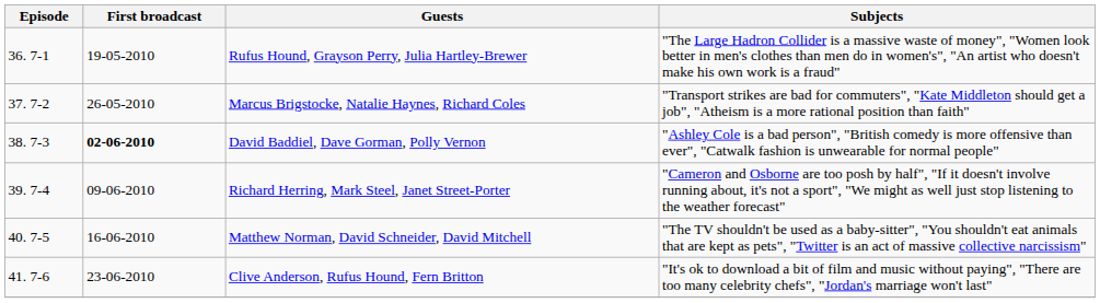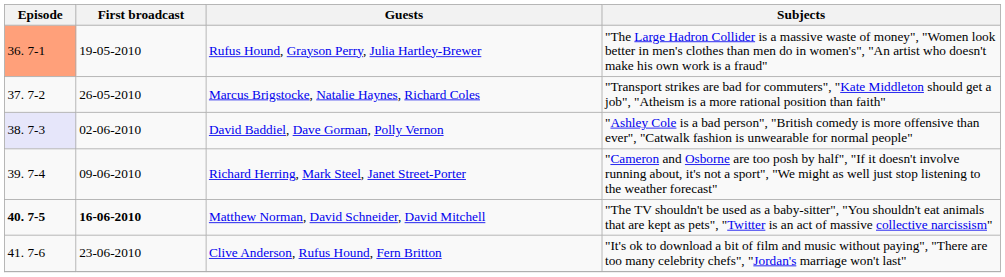 <table class="wikitable" style="width:95%;">
 <tr bgcolor="#cccccc">
 <th>Episode</th>
 <th>First broadcast</th>
 <th>Guests</th>
 <th style="width:40%;">Subjects</th>
 </tr>
 <tr>
-<td>36. 7-1</td>
+<td style="background: lightsalmon;">36. 7-1</td>
 <td>19-05-2010</td>
 <td><a href='#'>Rufus Hound</a>, <a href='#'>Grayson Perry</a>, <a href='#'>Julia Hartley-Brewer</a></td>
 <td>"The <a href='#'>Large Hadron Collider</a> is a massive waste of money", "Women look better in men's clothes than men do in women's", "An artist who doesn't make his own work is a fraud"</td>
 </tr>
 <tr>
 <td>37. 7-2</td>
 <td>26-05-2010</td>
 <td><a href='#'>Marcus Brigstocke</a>, <a href='#'>Natalie Haynes</a>, <a href='#'>Richard Coles</a></td>
 <td>"Transport strikes are bad for commuters", "<a href='#'>Kate Middleton</a> should get a job", "Atheism is a more rational position than faith"</td>
 </tr>
 <tr>
-<td>38. 7-3</td>
-<td><strong>02-06-2010</strong></td>
+<td style="background: lavender;">38. 7-3</td>
+<td>02-06-2010</td>
 <td><a href='#'>David Baddiel</a>, <a href='#'>Dave Gorman</a>, <a href='#'>Polly Vernon</a></td>
 <td>"<a href='#'>Ashley Cole</a> is a bad person", "British comedy is more offensive than ever", "Catwalk fashion is unwearable for normal people"</td>
 </tr>
 <tr>
 <td>39. 7-4</td>
 <td>09-06-2010</td>
 <td><a href='#'>Richard Herring</a>, <a href='#'>Mark Steel</a>, <a href='#'>Janet Street-Porter</a></td>
 <td>"<a href='#'>Cameron</a> and <a href='#'>Osborne</a> are too posh by half", "If it doesn't involve running about, it's not a sport", "We might as well just stop listening to the weather forecast"</td>
 </tr>
 <tr>
-<td>40. 7-5</td>
-<td>16-06-2010</td>
+<td><strong>40. 7-5</strong></td>
+<td><strong>16-06-2010</strong></td>
 <td><a href='#'>Matthew Norman</a>, <a href='#'>David Schneider</a>, <a href='#'>David Mitchell</a></td>
 <td>"The TV shouldn't be used as a baby-sitter", "You shouldn't eat animals that are kept as pets", "<a href='#'>Twitter</a> is an act of massive <a href='#'>collective narcissism</a>"</td>
 </tr>
 <tr>
 <td>41. 7-6</td>
 <td>23-06-2010</td>
 <td><a href='#'>Clive Anderson</a>, <a href='#'>Rufus Hound</a>, <a href='#'>Fern Britton</a></td>
 <td>"It's ok to download a bit of film and music without paying", "There are too many celebrity chefs", "<a href='#'>Jordan's</a> marriage won't last"</td>
 </tr>
 <tr>
 </tr>
 </table>
